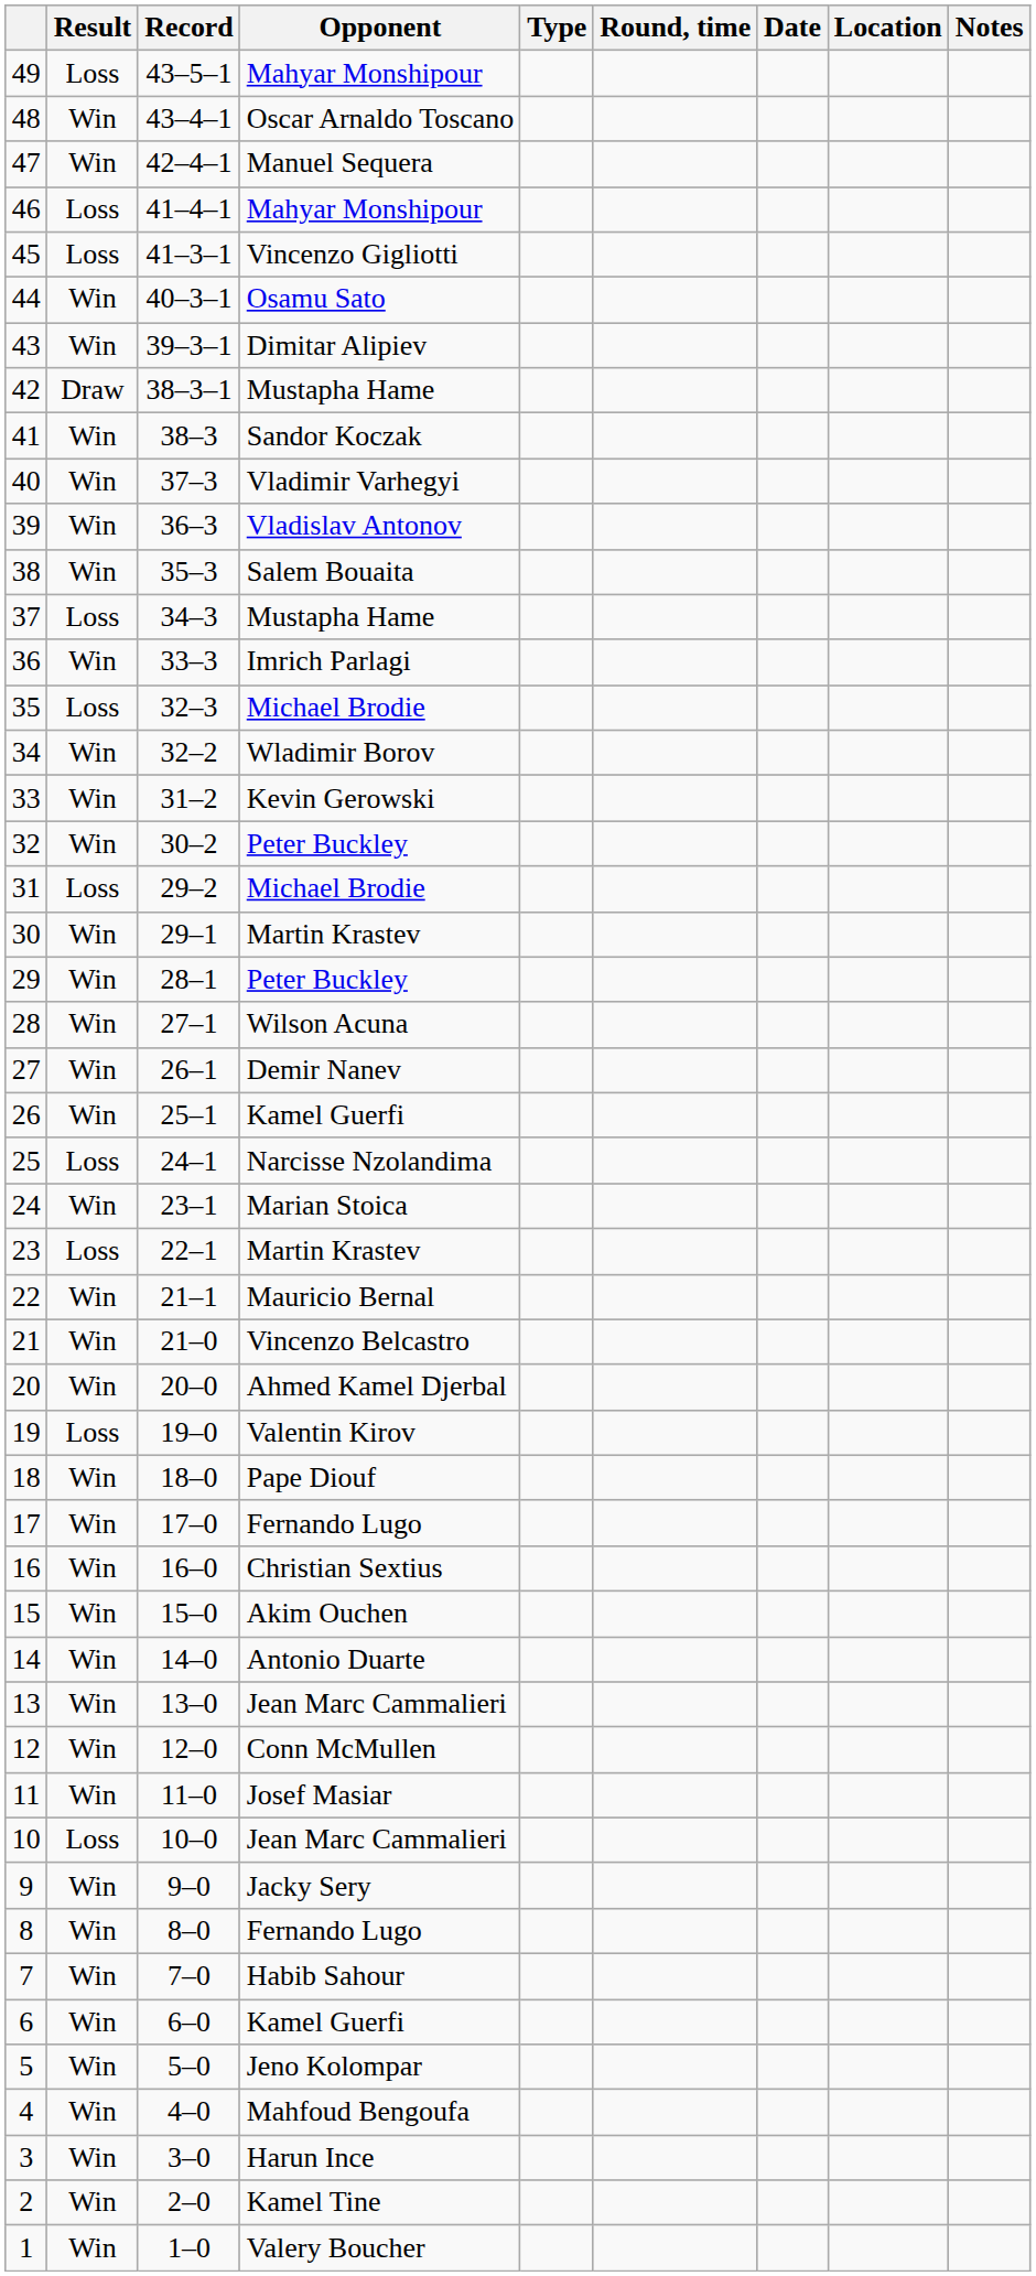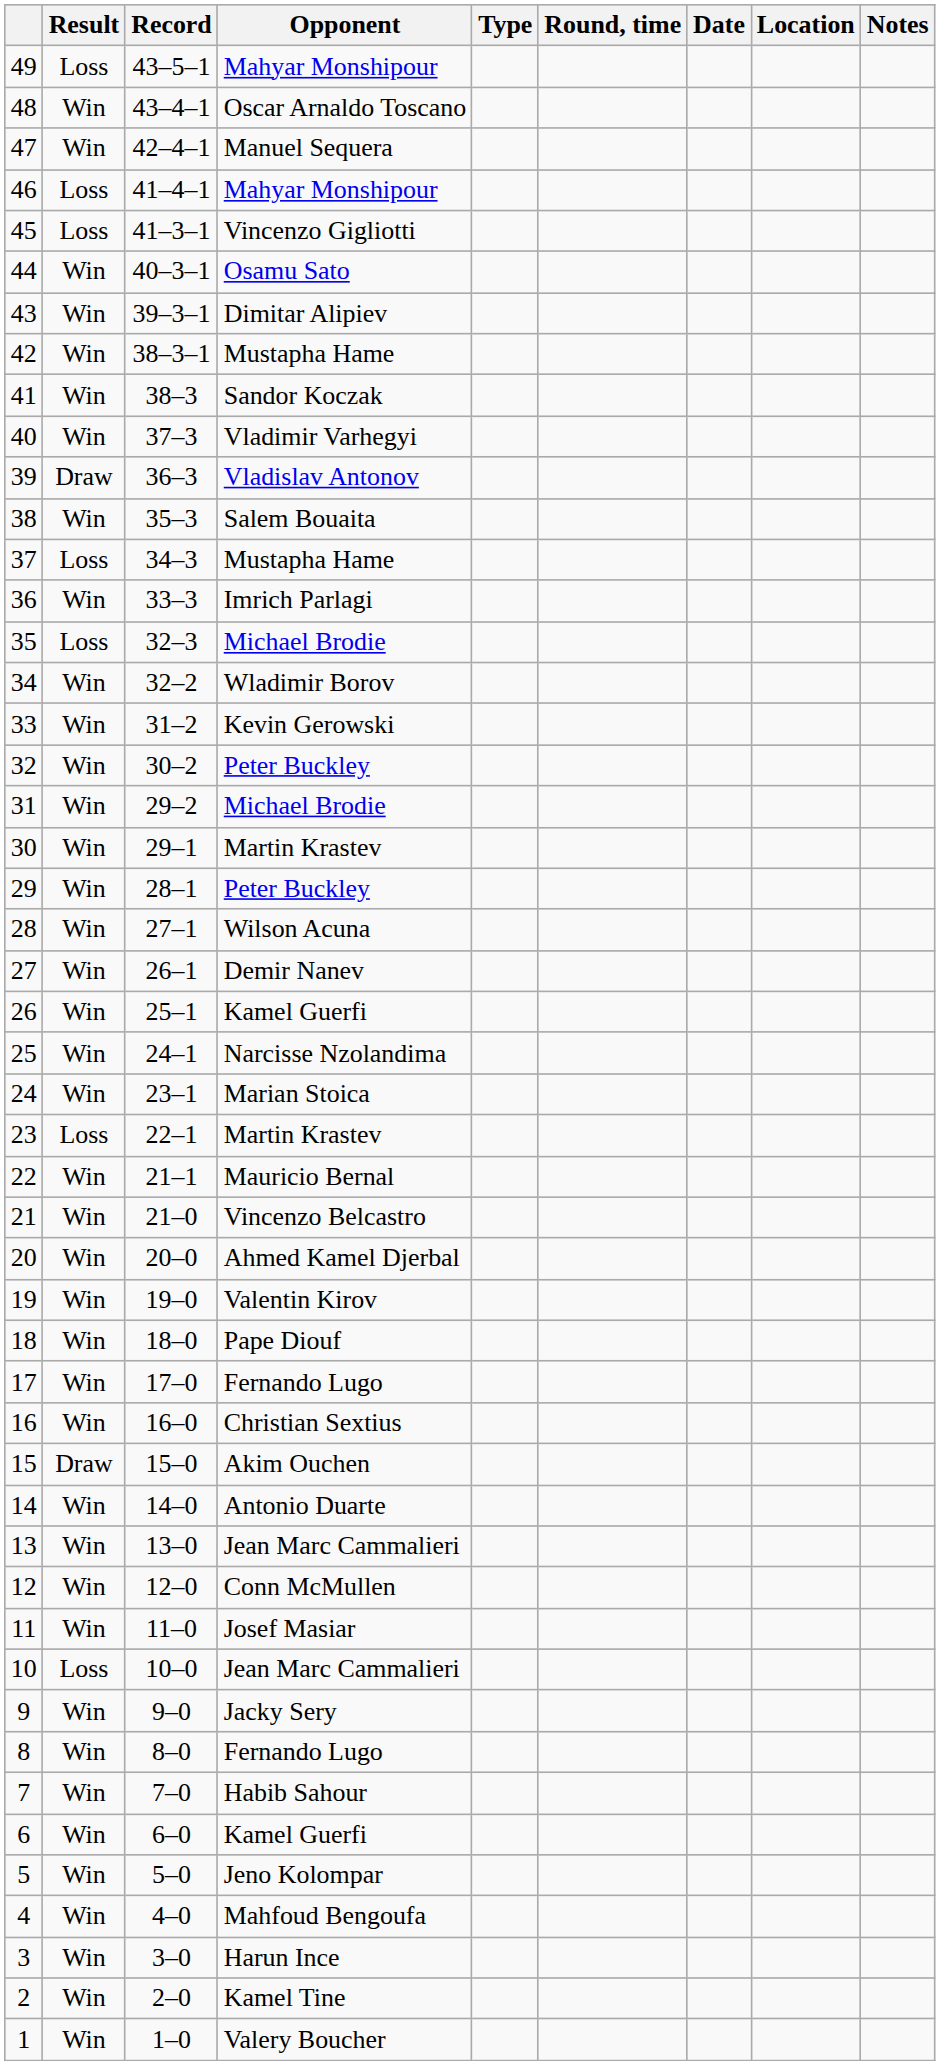 <table class="wikitable" style="text-align:center">
 <tr>
 <th></th>
 <th>Result</th>
 <th>Record</th>
 <th>Opponent</th>
 <th>Type</th>
 <th>Round, time</th>
 <th>Date</th>
 <th>Location</th>
 <th>Notes</th>
 </tr>
 <tr>
 <td>49</td>
 <td>Loss</td>
 <td>43–5–1</td>
 <td align=left><a href='#'>Mahyar Monshipour</a></td>
 <td></td>
 <td></td>
 <td></td>
 <td align=left></td>
 <td align=left></td>
 </tr>
 <tr>
 <td>48</td>
 <td>Win</td>
 <td>43–4–1</td>
 <td align=left>Oscar Arnaldo Toscano</td>
 <td></td>
 <td></td>
 <td></td>
 <td align=left></td>
 <td align=left></td>
 </tr>
 <tr>
 <td>47</td>
 <td>Win</td>
 <td>42–4–1</td>
 <td align=left>Manuel Sequera</td>
 <td></td>
 <td></td>
 <td></td>
 <td align=left></td>
 <td align=left></td>
 </tr>
 <tr>
 <td>46</td>
 <td>Loss</td>
 <td>41–4–1</td>
 <td align=left><a href='#'>Mahyar Monshipour</a></td>
 <td></td>
 <td></td>
 <td></td>
 <td align=left></td>
 <td align=left></td>
 </tr>
 <tr>
 <td>45</td>
 <td>Loss</td>
 <td>41–3–1</td>
 <td align=left>Vincenzo Gigliotti</td>
 <td></td>
 <td></td>
 <td></td>
 <td align=left></td>
 <td align=left></td>
 </tr>
 <tr>
 <td>44</td>
 <td>Win</td>
 <td>40–3–1</td>
 <td align=left><a href='#'>Osamu Sato</a></td>
 <td></td>
 <td></td>
 <td></td>
 <td align=left></td>
 <td align=left></td>
 </tr>
 <tr>
 <td>43</td>
 <td>Win</td>
 <td>39–3–1</td>
 <td align=left>Dimitar Alipiev</td>
 <td></td>
 <td></td>
 <td></td>
 <td align=left></td>
 <td align=left></td>
 </tr>
 <tr>
 <td>42</td>
-<td>Draw</td>
+<td>Win</td>
 <td>38–3–1</td>
 <td align=left>Mustapha Hame</td>
 <td></td>
 <td></td>
 <td></td>
 <td align=left></td>
 <td align=left></td>
 </tr>
 <tr>
 <td>41</td>
 <td>Win</td>
 <td>38–3</td>
 <td align=left>Sandor Koczak</td>
 <td></td>
 <td></td>
 <td></td>
 <td align=left></td>
 <td align=left></td>
 </tr>
 <tr>
 <td>40</td>
 <td>Win</td>
 <td>37–3</td>
 <td align=left>Vladimir Varhegyi</td>
 <td></td>
 <td></td>
 <td></td>
 <td align=left></td>
 <td align=left></td>
 </tr>
 <tr>
 <td>39</td>
-<td>Win</td>
+<td>Draw</td>
 <td>36–3</td>
 <td align=left><a href='#'>Vladislav Antonov</a></td>
 <td></td>
 <td></td>
 <td></td>
 <td align=left></td>
 <td align=left></td>
 </tr>
 <tr>
 <td>38</td>
 <td>Win</td>
 <td>35–3</td>
 <td align=left>Salem Bouaita</td>
 <td></td>
 <td></td>
 <td></td>
 <td align=left></td>
 <td align=left></td>
 </tr>
 <tr>
 <td>37</td>
 <td>Loss</td>
 <td>34–3</td>
 <td align=left>Mustapha Hame</td>
 <td></td>
 <td></td>
 <td></td>
 <td align=left></td>
 <td align=left></td>
 </tr>
 <tr>
 <td>36</td>
 <td>Win</td>
 <td>33–3</td>
 <td align=left>Imrich Parlagi</td>
 <td></td>
 <td></td>
 <td></td>
 <td align=left></td>
 <td align=left></td>
 </tr>
 <tr>
 <td>35</td>
 <td>Loss</td>
 <td>32–3</td>
 <td align=left><a href='#'>Michael Brodie</a></td>
 <td></td>
 <td></td>
 <td></td>
 <td align=left></td>
 <td align=left></td>
 </tr>
 <tr>
 <td>34</td>
 <td>Win</td>
 <td>32–2</td>
 <td align=left>Wladimir Borov</td>
 <td></td>
 <td></td>
 <td></td>
 <td align=left></td>
 <td align=left></td>
 </tr>
 <tr>
 <td>33</td>
 <td>Win</td>
 <td>31–2</td>
 <td align=left>Kevin Gerowski</td>
 <td></td>
 <td></td>
 <td></td>
 <td align=left></td>
 <td align=left></td>
 </tr>
 <tr>
 <td>32</td>
 <td>Win</td>
 <td>30–2</td>
 <td align=left><a href='#'>Peter Buckley</a></td>
 <td></td>
 <td></td>
 <td></td>
 <td align=left></td>
 <td align=left></td>
 </tr>
 <tr>
 <td>31</td>
-<td>Loss</td>
+<td>Win</td>
 <td>29–2</td>
 <td align=left><a href='#'>Michael Brodie</a></td>
 <td></td>
 <td></td>
 <td></td>
 <td align=left></td>
 <td align=left></td>
 </tr>
 <tr>
 <td>30</td>
 <td>Win</td>
 <td>29–1</td>
 <td align=left>Martin Krastev</td>
 <td></td>
 <td></td>
 <td></td>
 <td align=left></td>
 <td align=left></td>
 </tr>
 <tr>
 <td>29</td>
 <td>Win</td>
 <td>28–1</td>
 <td align=left><a href='#'>Peter Buckley</a></td>
 <td></td>
 <td></td>
 <td></td>
 <td align=left></td>
 <td align=left></td>
 </tr>
 <tr>
 <td>28</td>
 <td>Win</td>
 <td>27–1</td>
 <td align=left>Wilson Acuna</td>
 <td></td>
 <td></td>
 <td></td>
 <td align=left></td>
 <td align=left></td>
 </tr>
 <tr>
 <td>27</td>
 <td>Win</td>
 <td>26–1</td>
 <td align=left>Demir Nanev</td>
 <td></td>
 <td></td>
 <td></td>
 <td align=left></td>
 <td align=left></td>
 </tr>
 <tr>
 <td>26</td>
 <td>Win</td>
 <td>25–1</td>
 <td align=left>Kamel Guerfi</td>
 <td></td>
 <td></td>
 <td></td>
 <td align=left></td>
 <td align=left></td>
 </tr>
 <tr>
 <td>25</td>
-<td>Loss</td>
+<td>Win</td>
 <td>24–1</td>
 <td align=left>Narcisse Nzolandima</td>
 <td></td>
 <td></td>
 <td></td>
 <td align=left></td>
 <td align=left></td>
 </tr>
 <tr>
 <td>24</td>
 <td>Win</td>
 <td>23–1</td>
 <td align=left>Marian Stoica</td>
 <td></td>
 <td></td>
 <td></td>
 <td align=left></td>
 <td align=left></td>
 </tr>
 <tr>
 <td>23</td>
 <td>Loss</td>
 <td>22–1</td>
 <td align=left>Martin Krastev</td>
 <td></td>
 <td></td>
 <td></td>
 <td align=left></td>
 <td align=left></td>
 </tr>
 <tr>
 <td>22</td>
 <td>Win</td>
 <td>21–1</td>
 <td align=left>Mauricio Bernal</td>
 <td></td>
 <td></td>
 <td></td>
 <td align=left></td>
 <td align=left></td>
 </tr>
 <tr>
 <td>21</td>
 <td>Win</td>
 <td>21–0</td>
 <td align=left>Vincenzo Belcastro</td>
 <td></td>
 <td></td>
 <td></td>
 <td align=left></td>
 <td align=left></td>
 </tr>
 <tr>
 <td>20</td>
 <td>Win</td>
 <td>20–0</td>
 <td align=left>Ahmed Kamel Djerbal</td>
 <td></td>
 <td></td>
 <td></td>
 <td align=left></td>
 <td align=left></td>
 </tr>
 <tr>
 <td>19</td>
-<td>Loss</td>
+<td>Win</td>
 <td>19–0</td>
 <td align=left>Valentin Kirov</td>
 <td></td>
 <td></td>
 <td></td>
 <td align=left></td>
 <td align=left></td>
 </tr>
 <tr>
 <td>18</td>
 <td>Win</td>
 <td>18–0</td>
 <td align=left>Pape Diouf</td>
 <td></td>
 <td></td>
 <td></td>
 <td align=left></td>
 <td align=left></td>
 </tr>
 <tr>
 <td>17</td>
 <td>Win</td>
 <td>17–0</td>
 <td align=left>Fernando Lugo</td>
 <td></td>
 <td></td>
 <td></td>
 <td align=left></td>
 <td align=left></td>
 </tr>
 <tr>
 <td>16</td>
 <td>Win</td>
 <td>16–0</td>
 <td align=left>Christian Sextius</td>
 <td></td>
 <td></td>
 <td></td>
 <td align=left></td>
 <td align=left></td>
 </tr>
 <tr>
 <td>15</td>
-<td>Win</td>
+<td>Draw</td>
 <td>15–0</td>
 <td align=left>Akim Ouchen</td>
 <td></td>
 <td></td>
 <td></td>
 <td align=left></td>
 <td align=left></td>
 </tr>
 <tr>
 <td>14</td>
 <td>Win</td>
 <td>14–0</td>
 <td align=left>Antonio Duarte</td>
 <td></td>
 <td></td>
 <td></td>
 <td align=left></td>
 <td align=left></td>
 </tr>
 <tr>
 <td>13</td>
 <td>Win</td>
 <td>13–0</td>
 <td align=left>Jean Marc Cammalieri</td>
 <td></td>
 <td></td>
 <td></td>
 <td align=left></td>
 <td align=left></td>
 </tr>
 <tr>
 <td>12</td>
 <td>Win</td>
 <td>12–0</td>
 <td align=left>Conn McMullen</td>
 <td></td>
 <td></td>
 <td></td>
 <td align=left></td>
 <td align=left></td>
 </tr>
 <tr>
 <td>11</td>
 <td>Win</td>
 <td>11–0</td>
 <td align=left>Josef Masiar</td>
 <td></td>
 <td></td>
 <td></td>
 <td align=left></td>
 <td align=left></td>
 </tr>
 <tr>
 <td>10</td>
 <td>Loss</td>
 <td>10–0</td>
 <td align=left>Jean Marc Cammalieri</td>
 <td></td>
 <td></td>
 <td></td>
 <td align=left></td>
 <td align=left></td>
 </tr>
 <tr>
 <td>9</td>
 <td>Win</td>
 <td>9–0</td>
 <td align=left>Jacky Sery</td>
 <td></td>
 <td></td>
 <td></td>
 <td align=left></td>
 <td align=left></td>
 </tr>
 <tr>
 <td>8</td>
 <td>Win</td>
 <td>8–0</td>
 <td align=left>Fernando Lugo</td>
 <td></td>
 <td></td>
 <td></td>
 <td align=left></td>
 <td align=left></td>
 </tr>
 <tr>
 <td>7</td>
 <td>Win</td>
 <td>7–0</td>
 <td align=left>Habib Sahour</td>
 <td></td>
 <td></td>
 <td></td>
 <td align=left></td>
 <td align=left></td>
 </tr>
 <tr>
 <td>6</td>
 <td>Win</td>
 <td>6–0</td>
 <td align=left>Kamel Guerfi</td>
 <td></td>
 <td></td>
 <td></td>
 <td align=left></td>
 <td align=left></td>
 </tr>
 <tr>
 <td>5</td>
 <td>Win</td>
 <td>5–0</td>
 <td align=left>Jeno Kolompar</td>
 <td></td>
 <td></td>
 <td></td>
 <td align=left></td>
 <td align=left></td>
 </tr>
 <tr>
 <td>4</td>
 <td>Win</td>
 <td>4–0</td>
 <td align=left>Mahfoud Bengoufa</td>
 <td></td>
 <td></td>
 <td></td>
 <td align=left></td>
 <td align=left></td>
 </tr>
 <tr>
 <td>3</td>
 <td>Win</td>
 <td>3–0</td>
 <td align=left>Harun Ince</td>
 <td></td>
 <td></td>
 <td></td>
 <td align=left></td>
 <td align=left></td>
 </tr>
 <tr>
 <td>2</td>
 <td>Win</td>
 <td>2–0</td>
 <td align=left>Kamel Tine</td>
 <td></td>
 <td></td>
 <td></td>
 <td align=left></td>
 <td align=left></td>
 </tr>
 <tr>
 <td>1</td>
 <td>Win</td>
 <td>1–0</td>
 <td align=left>Valery Boucher</td>
 <td></td>
 <td></td>
 <td></td>
 <td align=left></td>
 <td align=left></td>
 </tr>
 </table>
